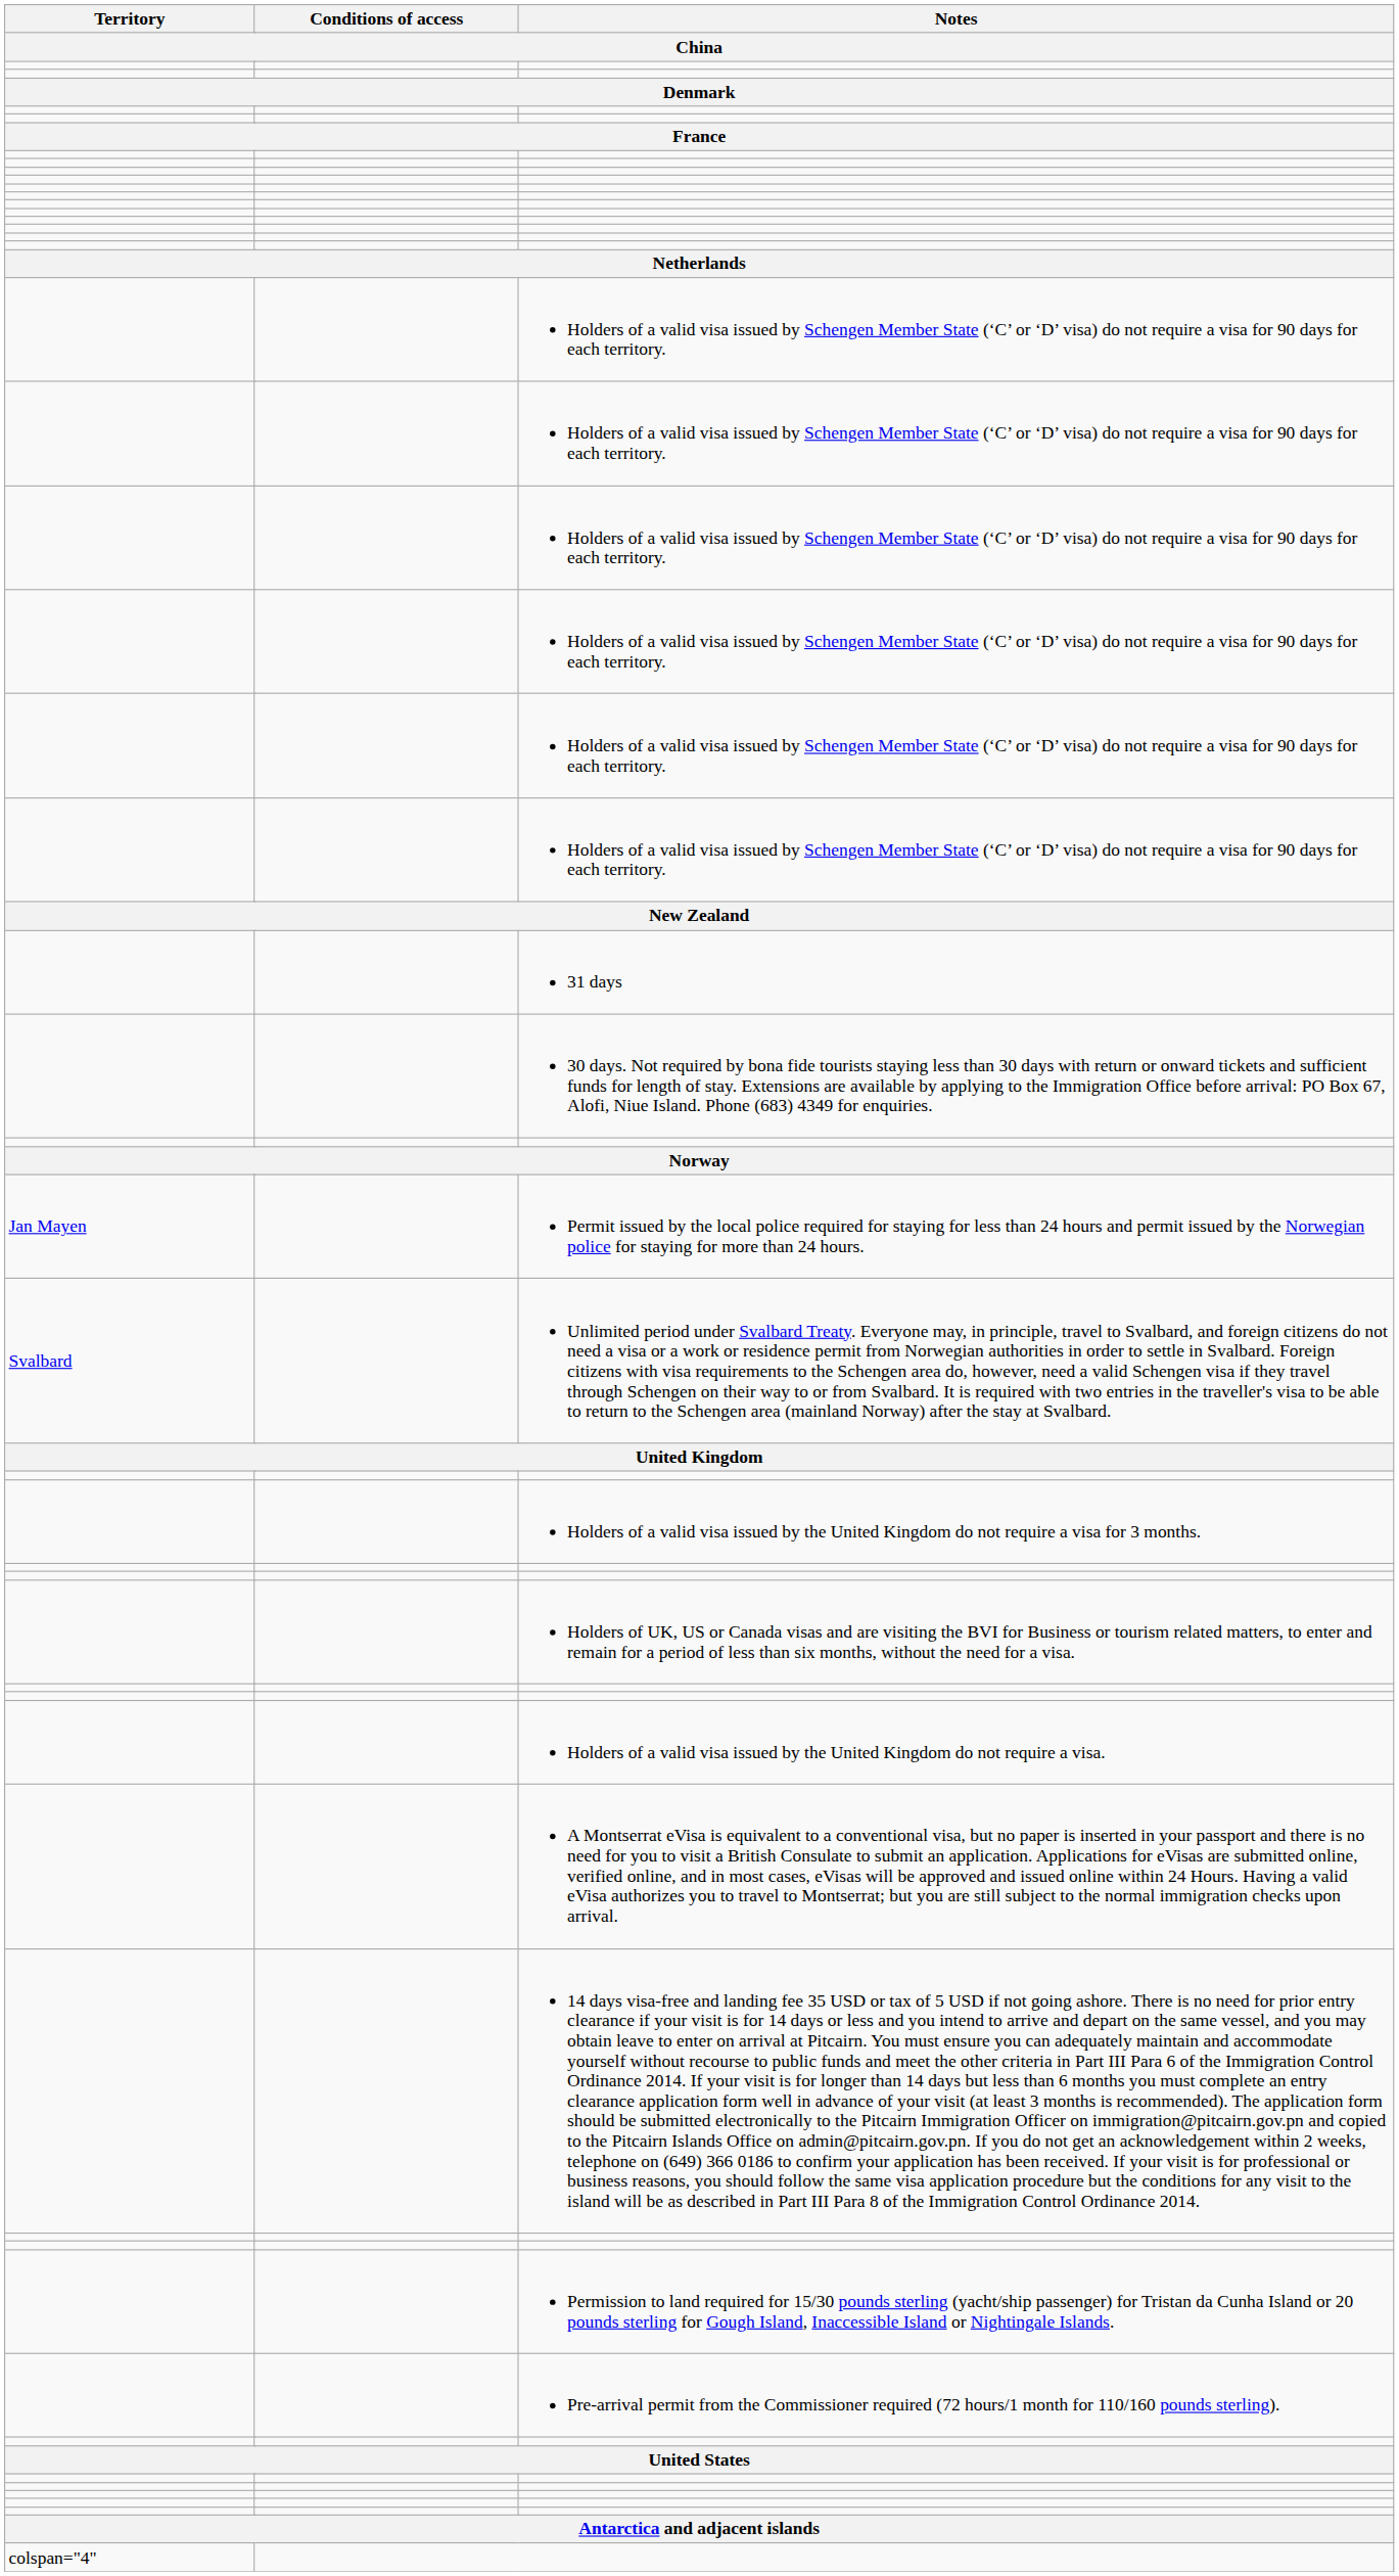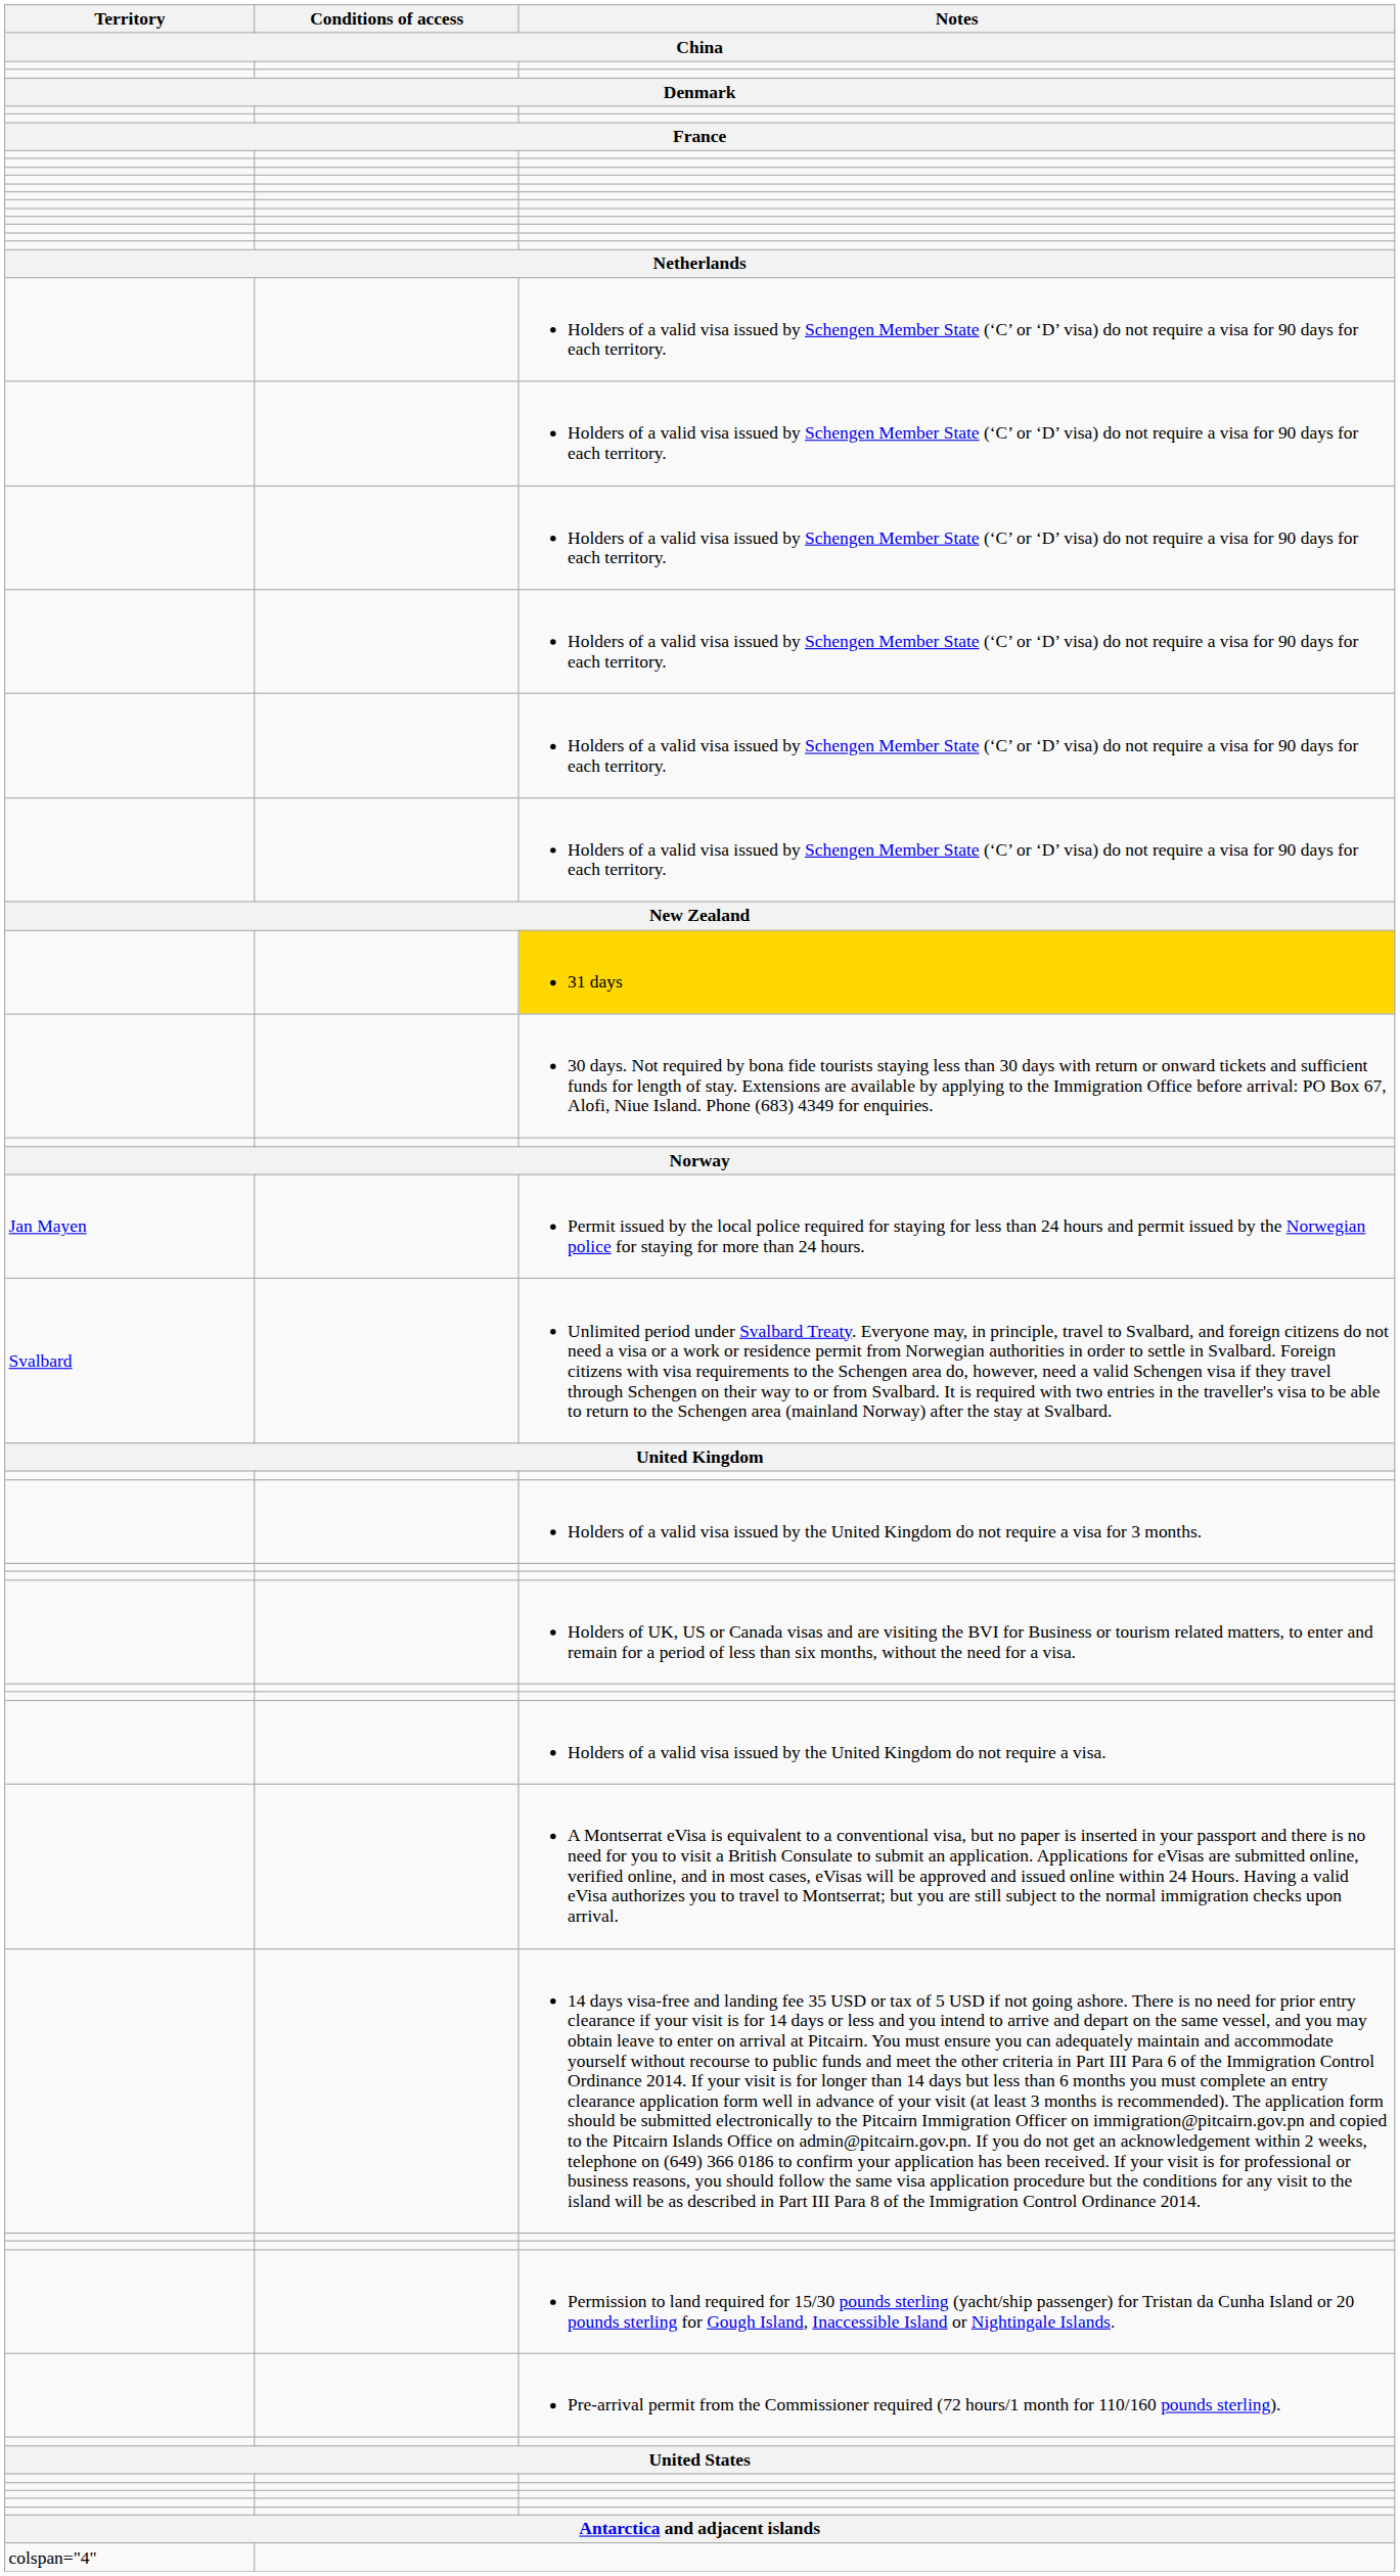 <table class="wikitable" style="text-align: left; table-layout: fixed;">
 <tr>
 <th colspan="2" style="width:18%;">Territory</th>
 <th style="width:19%;">Conditions of access</th>
 <th>Notes</th>
 </tr>
 <tr>
 <th colspan="4">China</th>
 </tr>
 <tr>
 <td colspan=2></td>
 <td></td>
 <td></td>
 </tr>
 <tr>
 <td colspan=2></td>
 <td></td>
 <td></td>
 </tr>
 <tr>
 <th colspan="4">Denmark</th>
 </tr>
 <tr>
 <td colspan=2></td>
 <td></td>
 <td></td>
 </tr>
 <tr>
 <td colspan=2></td>
 <td></td>
 <td></td>
 </tr>
 <tr>
 <th colspan="4">France</th>
 </tr>
 <tr>
 <td colspan=2></td>
 <td></td>
 <td></td>
 </tr>
 <tr>
 <td colspan=2></td>
 <td></td>
 <td></td>
 </tr>
 <tr>
 <td colspan=2></td>
 <td></td>
 <td></td>
 </tr>
 <tr>
 <td colspan=2></td>
 <td></td>
 <td></td>
 </tr>
 <tr>
 <td colspan=2></td>
 <td></td>
 <td></td>
 </tr>
 <tr>
 <td colspan=2></td>
 <td></td>
 <td></td>
 </tr>
 <tr>
 <td colspan=2></td>
 <td></td>
 <td></td>
 </tr>
 <tr>
 <td colspan=2></td>
 <td></td>
 <td></td>
 </tr>
 <tr>
 <td colspan=2></td>
 <td></td>
 <td></td>
 </tr>
 <tr>
 <td colspan=2></td>
 <td></td>
 <td></td>
 </tr>
 <tr>
 <td colspan=2></td>
 <td></td>
 <td></td>
 </tr>
 <tr>
 <td colspan=2></td>
 <td></td>
 <td></td>
 </tr>
 <tr>
 <th colspan="4">Netherlands</th>
 </tr>
 <tr>
 <td colspan=2></td>
 <td></td>
 <td><br><ul><li>Holders of a valid visa issued by <a href='#'>Schengen Member State</a> (‘C’ or ‘D’ visa) do not require a visa for 90 days for each territory.</li></ul></td>
 </tr>
 <tr>
 <td colspan=2></td>
 <td></td>
 <td><br><ul><li>Holders of a valid visa issued by <a href='#'>Schengen Member State</a> (‘C’ or ‘D’ visa) do not require a visa for 90 days for each territory.</li></ul></td>
 </tr>
 <tr>
 <td colspan=2></td>
 <td></td>
 <td><br><ul><li>Holders of a valid visa issued by <a href='#'>Schengen Member State</a> (‘C’ or ‘D’ visa) do not require a visa for 90 days for each territory.</li></ul></td>
 </tr>
 <tr>
 <td colspan=2></td>
 <td></td>
 <td><br><ul><li>Holders of a valid visa issued by <a href='#'>Schengen Member State</a> (‘C’ or ‘D’ visa) do not require a visa for 90 days for each territory.</li></ul></td>
 </tr>
 <tr>
 <td colspan=2></td>
 <td></td>
 <td><br><ul><li>Holders of a valid visa issued by <a href='#'>Schengen Member State</a> (‘C’ or ‘D’ visa) do not require a visa for 90 days for each territory.</li></ul></td>
 </tr>
 <tr>
 <td colspan=2></td>
 <td></td>
 <td><br><ul><li>Holders of a valid visa issued by <a href='#'>Schengen Member State</a> (‘C’ or ‘D’ visa) do not require a visa for 90 days for each territory.</li></ul></td>
 </tr>
 <tr>
 <th colspan="4">New Zealand</th>
 </tr>
 <tr>
 <td colspan=2></td>
 <td></td>
-<td><br><ul><li>31 days</li></ul></td>
+<td style="background: gold;"><br><ul><li>31 days</li></ul></td>
 </tr>
 <tr>
 <td colspan=2></td>
 <td></td>
 <td><br><ul><li>30 days. Not required by bona fide tourists staying less than 30 days with return or onward tickets and sufficient funds for length of stay. Extensions are available by applying to the Immigration Office before arrival: PO Box 67, Alofi, Niue Island. Phone (683) 4349 for enquiries.</li></ul></td>
 </tr>
 <tr>
 <td colspan=2></td>
 <td></td>
 <td></td>
 </tr>
 <tr>
 <th colspan="4">Norway</th>
 </tr>
 <tr>
 <td colspan=2> <a href='#'>Jan Mayen</a></td>
 <td></td>
 <td><br><ul><li>Permit issued by the local police required for staying for less than 24 hours and permit issued by the <a href='#'>Norwegian police</a> for staying for more than 24 hours.</li></ul></td>
 </tr>
 <tr>
 <td colspan=2> <a href='#'>Svalbard</a></td>
 <td></td>
 <td><br><ul><li>Unlimited period under <a href='#'>Svalbard Treaty</a>. Everyone may, in principle, travel to Svalbard, and foreign citizens do not need a visa or a work or residence permit from Norwegian authorities in order to settle in Svalbard. Foreign citizens with visa requirements to the Schengen area do, however, need a valid Schengen visa if they travel through Schengen on their way to or from Svalbard. It is required with two entries in the traveller's visa to be able to return to the Schengen area (mainland Norway) after the stay at Svalbard.</li></ul></td>
 </tr>
 <tr>
 <th colspan="4">United Kingdom</th>
 </tr>
 <tr>
 <td colspan=2></td>
 <td></td>
 <td></td>
 </tr>
 <tr>
 <td colspan=2></td>
 <td></td>
 <td><br><ul><li>Holders of a valid visa issued by the United Kingdom do not require a visa for 3 months.</li></ul></td>
 </tr>
 <tr>
 <td colspan=2></td>
 <td></td>
 <td></td>
 </tr>
 <tr>
 <td colspan=2></td>
 <td></td>
 <td></td>
 </tr>
 <tr>
 <td colspan=2></td>
 <td></td>
 <td><br><ul><li>Holders of  UK, US or Canada visas and are visiting the BVI for Business or tourism related matters, to enter and remain for a period of less than six months, without the need for a visa.</li></ul></td>
 </tr>
 <tr>
 <td colspan=2></td>
 <td></td>
 <td></td>
 </tr>
 <tr>
 <td colspan=2></td>
 <td></td>
 <td></td>
 </tr>
 <tr>
 <td colspan=2></td>
 <td></td>
 <td><br><ul><li>Holders of a valid visa issued by the United Kingdom do not require a visa.</li></ul></td>
 </tr>
 <tr>
 <td colspan=2></td>
 <td></td>
 <td><br><ul><li>A Montserrat eVisa is equivalent to a conventional visa, but no paper is inserted in your passport and there is no need for you to visit a British Consulate to submit an application. Applications for eVisas are submitted online, verified online, and in most cases, eVisas will be approved and issued online within 24 Hours. Having a valid eVisa authorizes you to travel to Montserrat; but you are still subject to the normal immigration checks upon arrival.</li></ul></td>
 </tr>
 <tr>
 <td colspan=2></td>
 <td></td>
 <td><br><ul><li>14 days visa-free and landing fee 35 USD or tax of 5 USD if not going ashore. There is no need for prior entry clearance if your visit is for 14 days or less and you intend to arrive and depart on the same vessel, and you may obtain leave to enter on arrival at Pitcairn. You must ensure you can adequately maintain and accommodate yourself without recourse to public funds and meet the other criteria in Part III Para 6 of the Immigration Control Ordinance 2014. If your visit is for longer than 14 days but less than 6 months you must complete an entry clearance application form well in advance of your visit (at least 3 months is recommended). The application form should be submitted electronically to the Pitcairn Immigration Officer on immigration@pitcairn.gov.pn and copied to the Pitcairn Islands Office on admin@pitcairn.gov.pn. If you do not get an acknowledgement within 2 weeks, telephone on (649) 366 0186 to confirm your application has been received. If your visit is for professional or business reasons, you should follow the same visa application procedure but the conditions for any visit to the island will be as described in Part III Para 8 of the Immigration Control Ordinance 2014.</li></ul></td>
 </tr>
 <tr>
 <td colspan=2></td>
 <td></td>
 <td></td>
 </tr>
 <tr>
 <td colspan=2></td>
 <td></td>
 <td></td>
 </tr>
 <tr>
 <td colspan=2></td>
 <td></td>
 <td><br><ul><li>Permission to land required for 15/30 <a href='#'>pounds sterling</a> (yacht/ship passenger) for Tristan da Cunha Island or 20 <a href='#'>pounds sterling</a> for <a href='#'>Gough Island</a>, <a href='#'>Inaccessible Island</a> or <a href='#'>Nightingale Islands</a>.</li></ul></td>
 </tr>
 <tr>
 <td colspan=2></td>
 <td></td>
 <td><br><ul><li>Pre-arrival permit from the Commissioner required (72 hours/1 month for 110/160 <a href='#'>pounds sterling</a>).</li></ul></td>
 </tr>
 <tr>
 <td colspan=2></td>
 <td></td>
 <td></td>
 </tr>
 <tr>
 <th colspan="4">United States</th>
 </tr>
 <tr>
 <td colspan=2></td>
 <td></td>
 <td></td>
 </tr>
 <tr>
 <td colspan=2></td>
 <td></td>
 <td></td>
 </tr>
 <tr>
 <td colspan=2></td>
 <td></td>
 <td></td>
 </tr>
 <tr>
 <td colspan=2></td>
 <td></td>
 <td></td>
 </tr>
 <tr>
 <td colspan=2></td>
 <td></td>
 <td></td>
 </tr>
 <tr>
 <th colspan="4"><a href='#'>Antarctica</a> and adjacent islands</th>
 </tr>
 <tr>
 <td>colspan="4" </td>
 </tr>
 </table>
